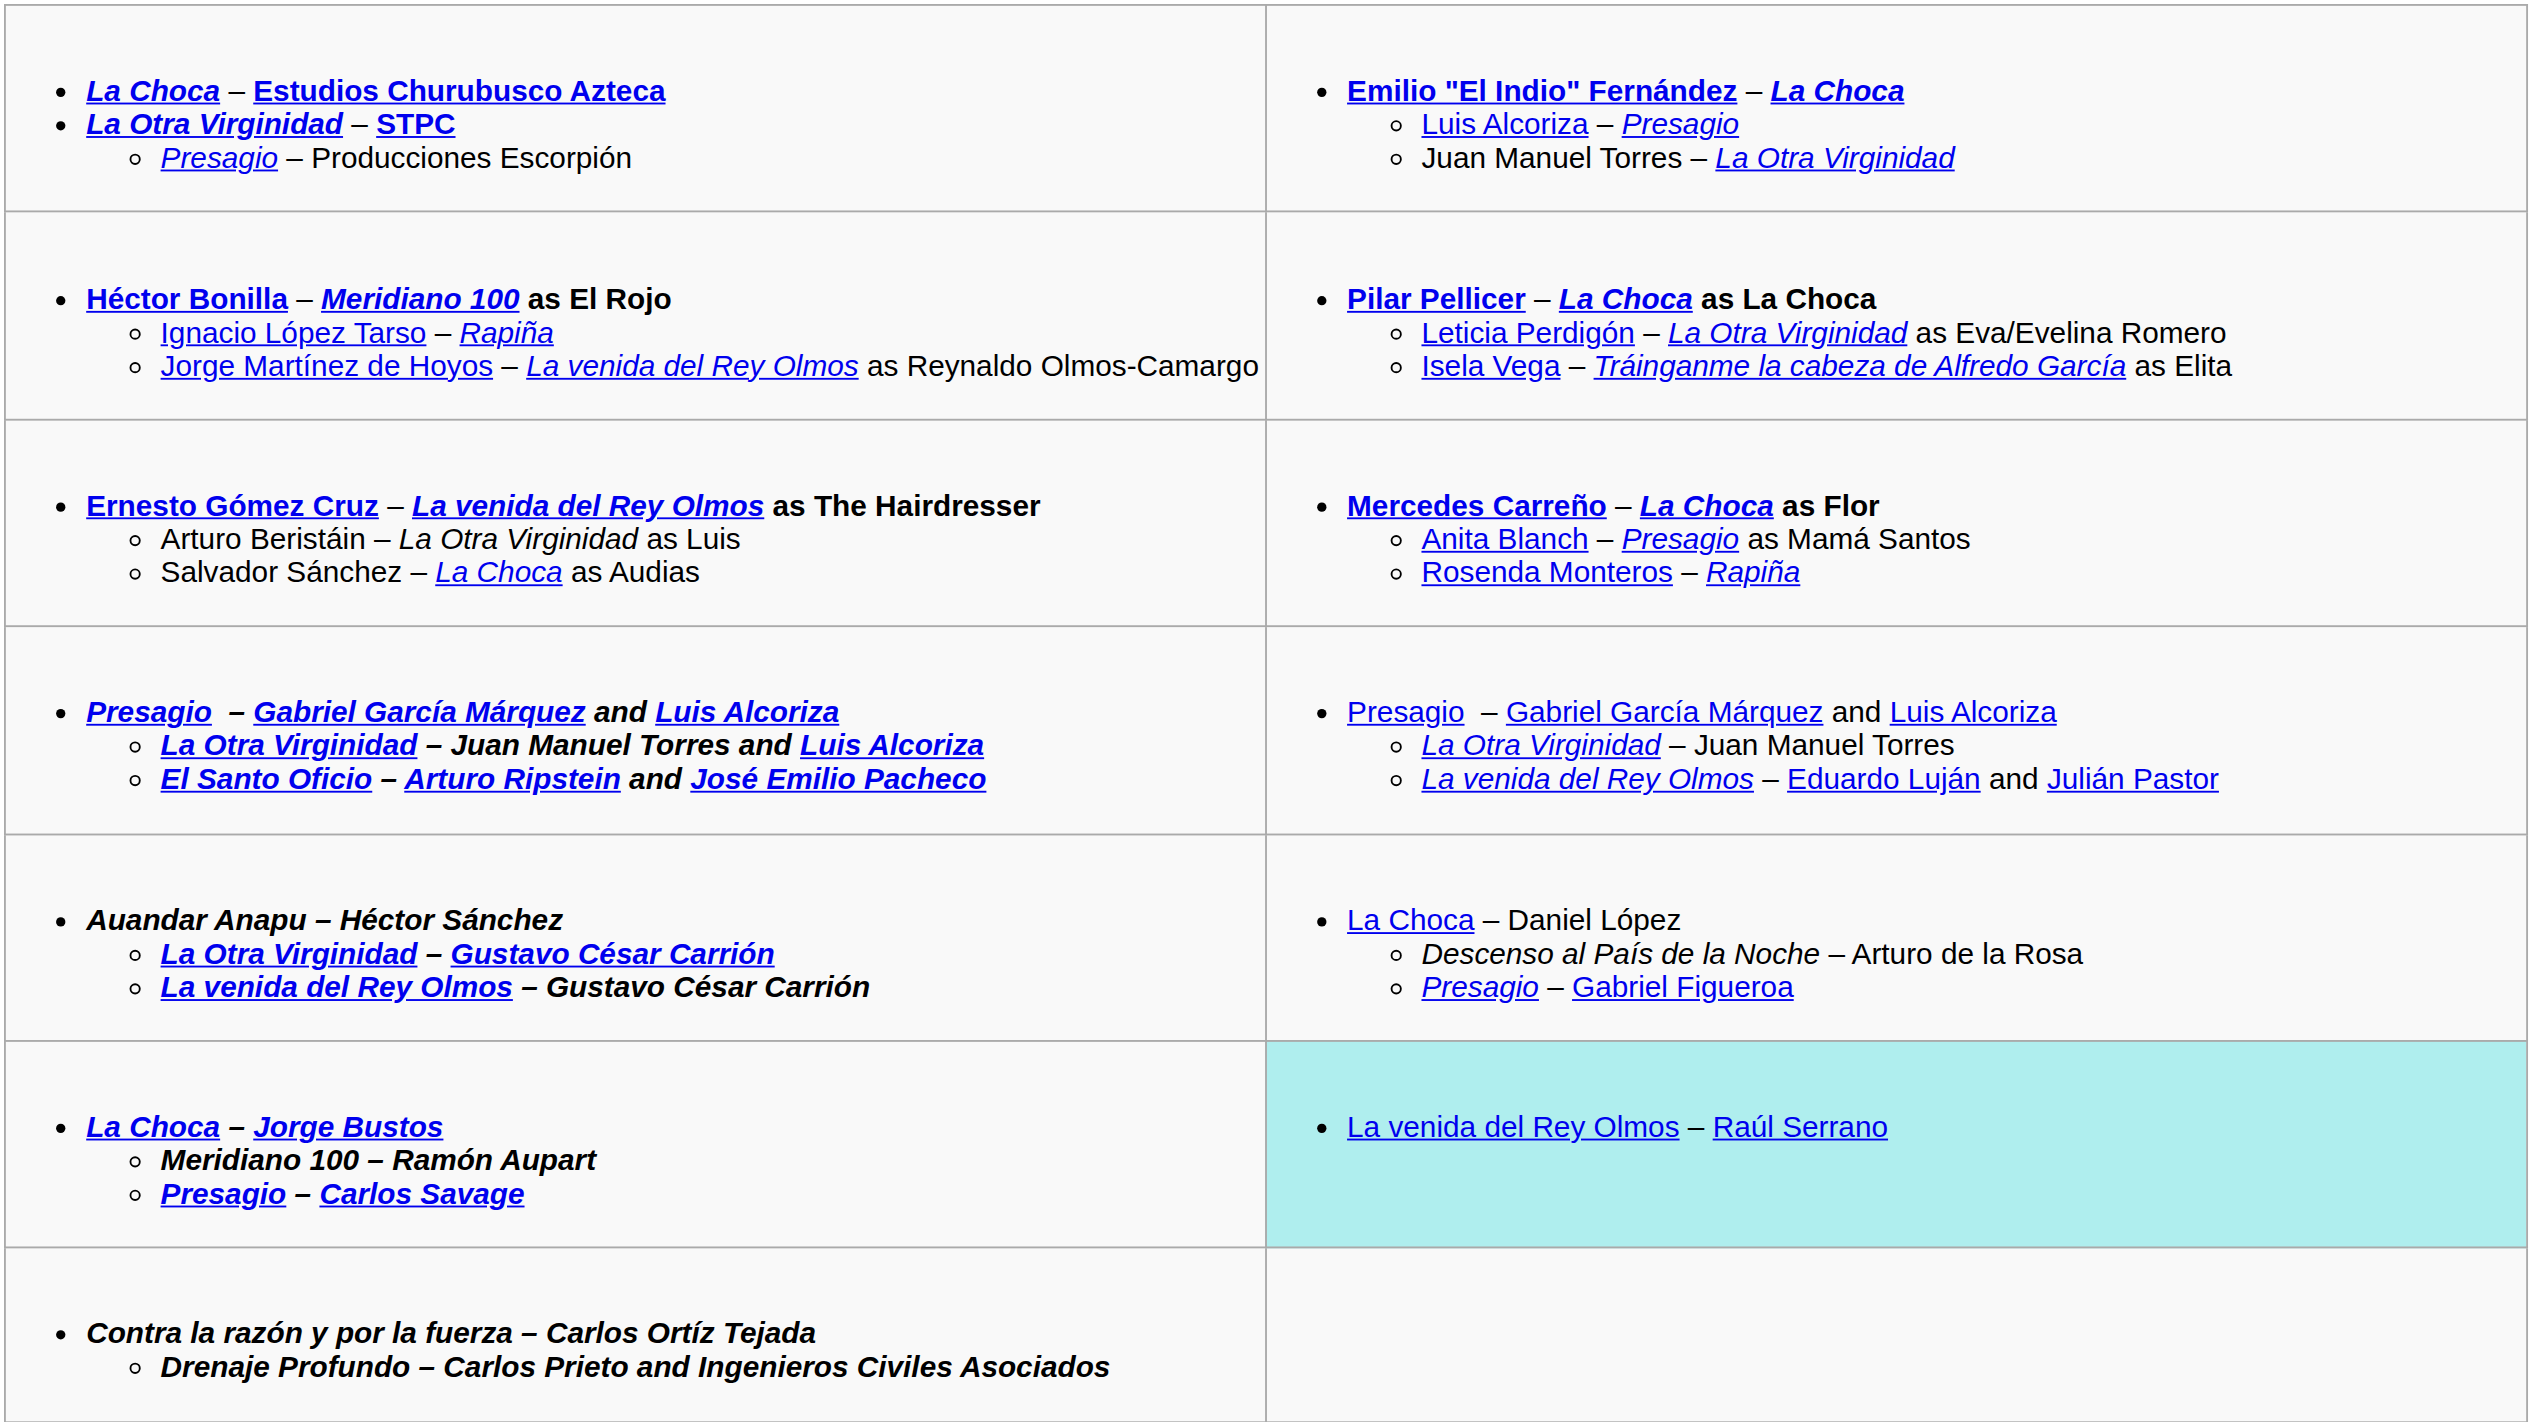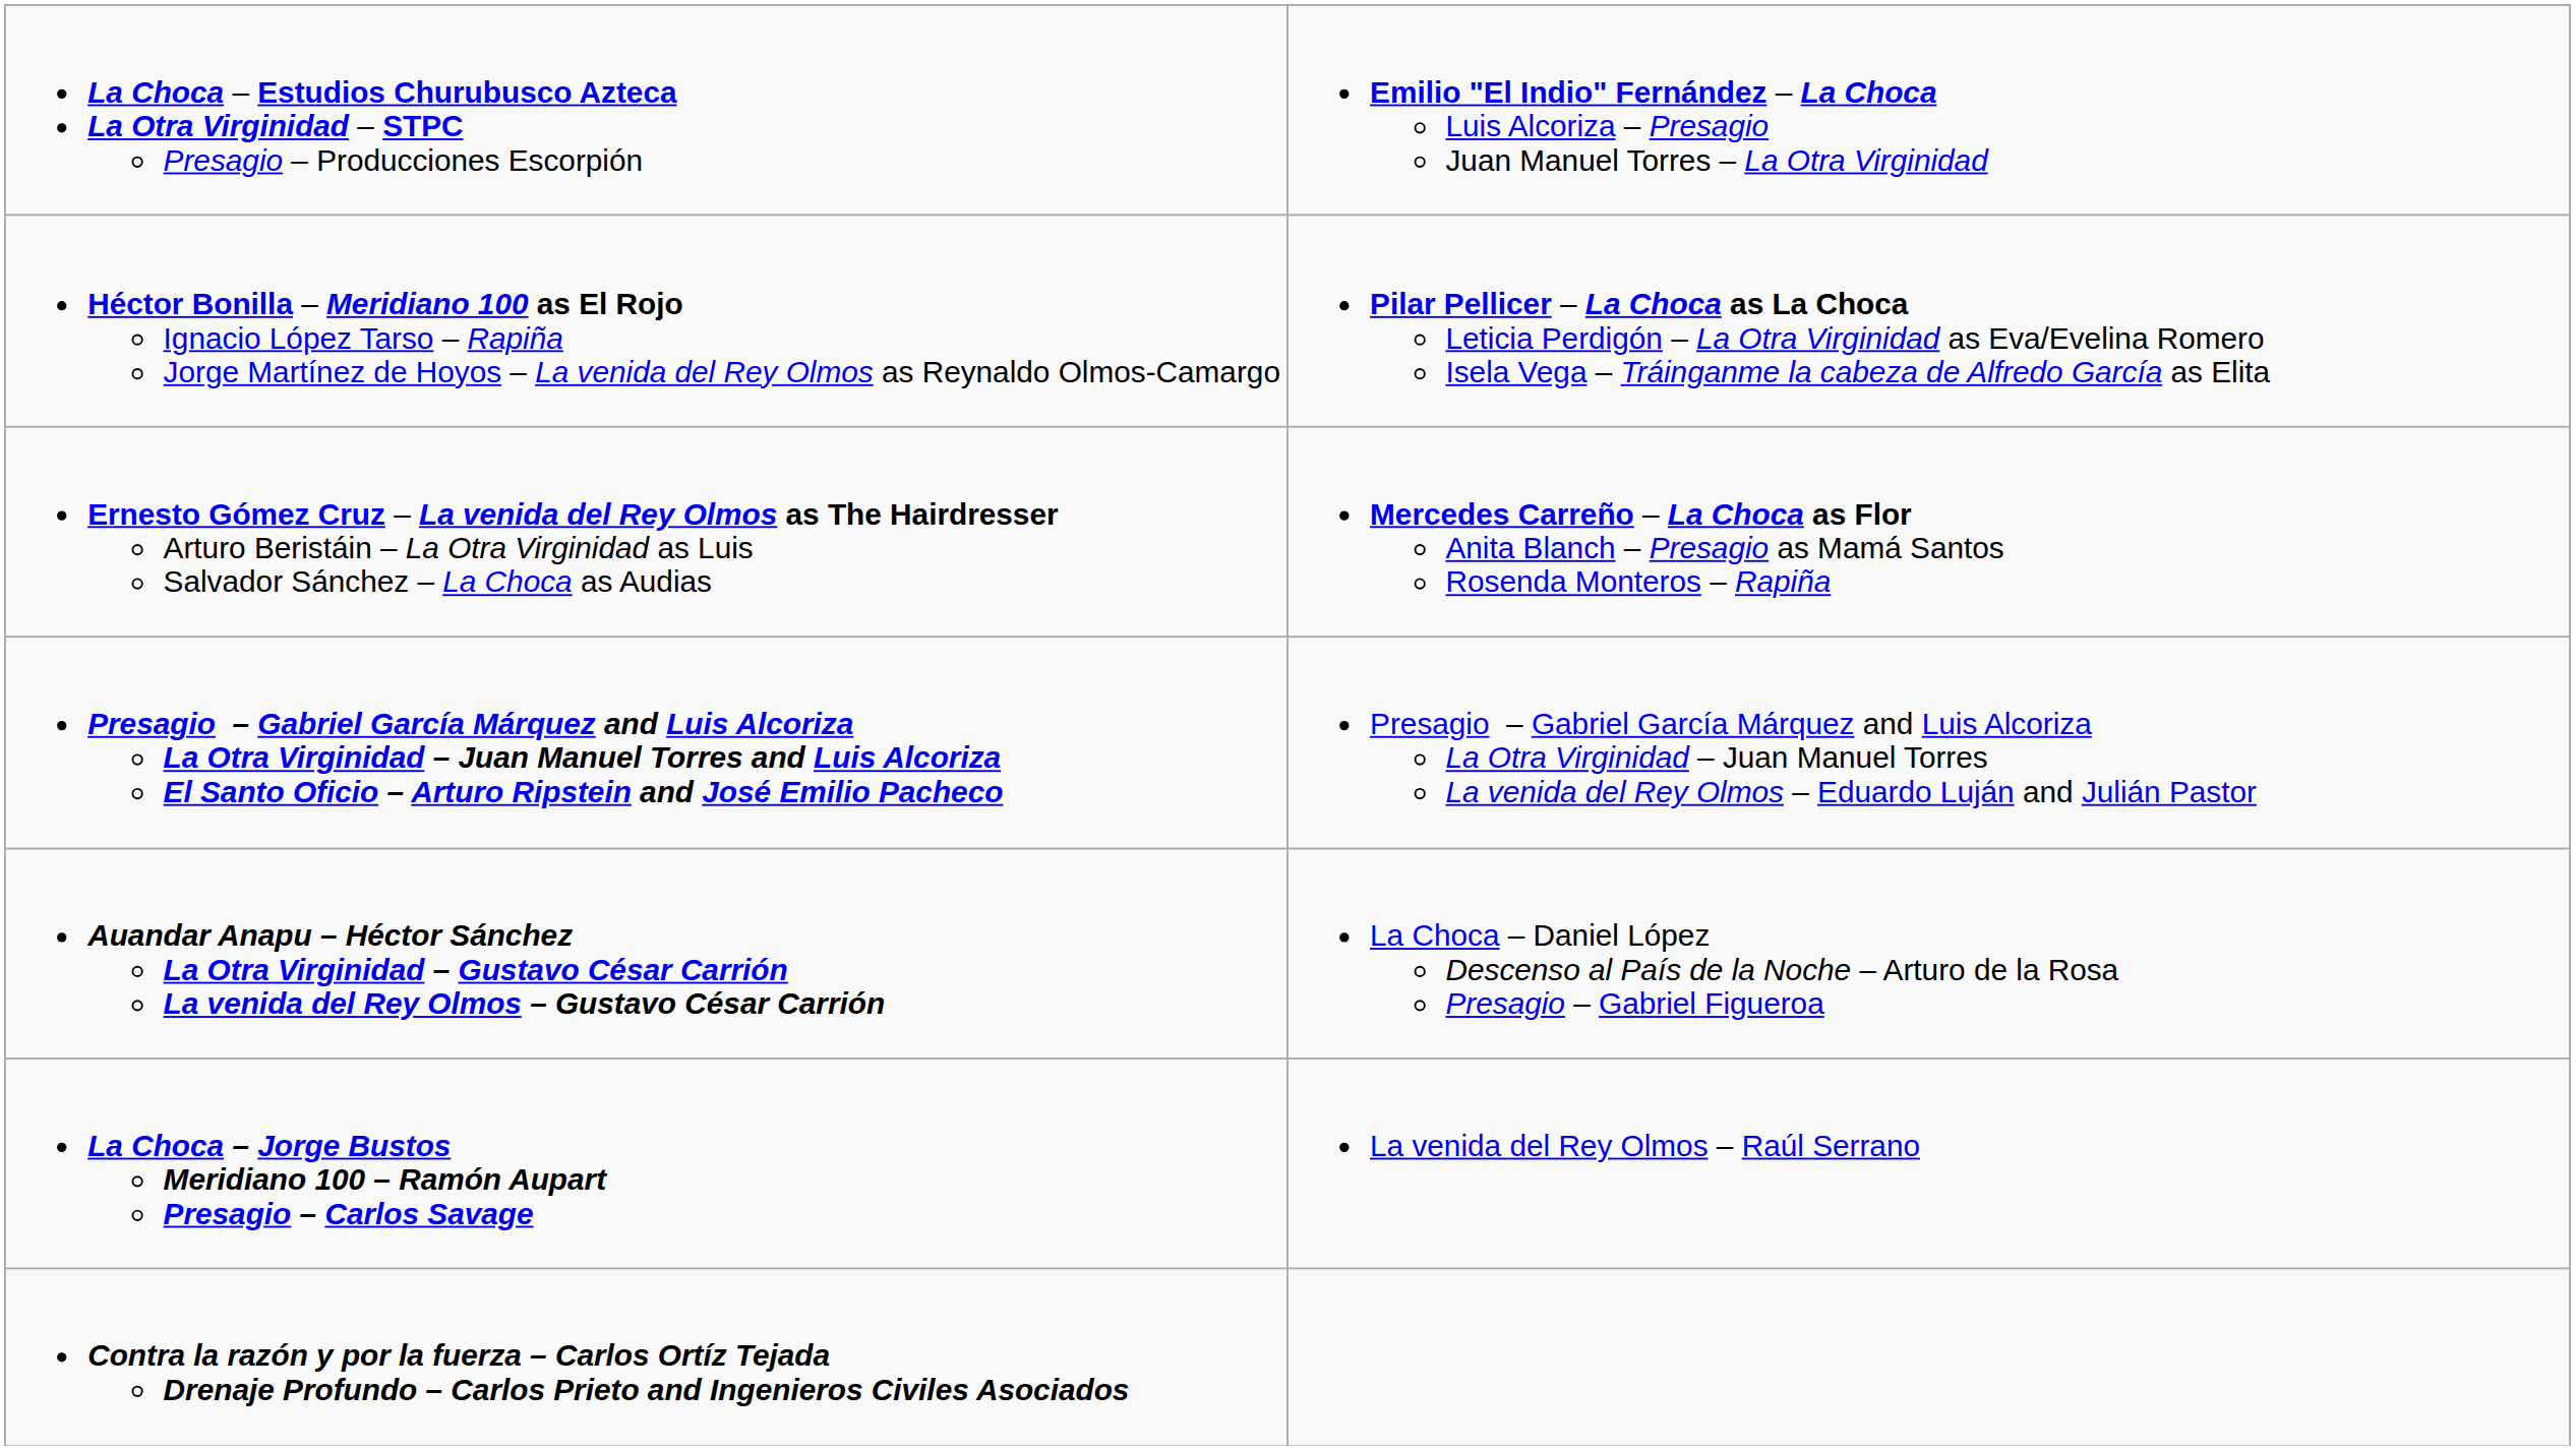 <table class=wikitable>
 <tr>
 <td style="vertical-align:top; width:50%;"><br><ul><li><strong><em><a href='#'>La Choca</a></em></strong> – <strong><a href='#'>Estudios Churubusco Azteca</a></strong></li><li><strong><em><a href='#'>La Otra Virginidad</a></em></strong> – <strong><a href='#'>STPC</a></strong><ul><li><em><a href='#'>Presagio</a></em> – Producciones Escorpión</li></ul></li></ul></td>
 <td style="vertical-align:top; width:50%;"><br><ul><li><strong><a href='#'>Emilio "El Indio" Fernández</a></strong> – <strong><em><a href='#'>La Choca</a></em></strong><ul><li><a href='#'>Luis Alcoriza</a> – <em><a href='#'>Presagio</a></em></li><li>Juan Manuel Torres – <em><a href='#'>La Otra Virginidad</a></em></li></ul></li></ul></td>
 </tr>
 <tr>
 <td style="vertical-align:top; width:50%;"><br><ul><li><strong><a href='#'>Héctor Bonilla</a></strong> – <strong><em><a href='#'>Meridiano 100</a></em></strong> <strong>as El Rojo</strong><ul><li><a href='#'>Ignacio López Tarso</a> – <em><a href='#'>Rapiña</a></em></li><li><a href='#'>Jorge Martínez de Hoyos</a> – <em><a href='#'>La venida del Rey Olmos</a></em> as Reynaldo Olmos-Camargo</li></ul></li></ul></td>
 <td style="vertical-align:top; width:50%;"><br><ul><li><strong><a href='#'>Pilar Pellicer</a></strong> – <strong><em><a href='#'>La Choca</a></em></strong> <strong>as La Choca</strong><ul><li><a href='#'>Leticia Perdigón</a> – <em><a href='#'>La Otra Virginidad</a></em> as Eva/Evelina Romero</li><li><a href='#'>Isela Vega</a> – <em><a href='#'>Tráinganme la cabeza de Alfredo García</a></em> as Elita</li></ul></li></ul></td>
 </tr>
 <tr>
 <td style="vertical-align:top; width:50%;"><br><ul><li><strong><a href='#'>Ernesto Gómez Cruz</a></strong> – <strong><em><a href='#'>La venida del Rey Olmos</a></em></strong> <strong>as The Hairdresser</strong><ul><li>Arturo Beristáin – <em>La Otra Virginidad</em> as Luis</li><li>Salvador Sánchez – <em><a href='#'>La Choca</a></em> as Audias</li></ul></li></ul></td>
 <td style="vertical-align:top; width:50%;"><br><ul><li><strong><a href='#'>Mercedes Carreño</a></strong> – <strong><em><a href='#'>La Choca</a></em></strong> <strong>as Flor</strong><ul><li><a href='#'>Anita Blanch</a> – <em><a href='#'>Presagio</a></em> as Mamá Santos</li><li><a href='#'>Rosenda Monteros</a> – <em><a href='#'>Rapiña</a></em></li></ul></li></ul></td>
 </tr>
 <tr>
 <td style="vertical-align:top; width:50%;"><br><ul><li><strong><em><a href='#'>Presagio</a><em>  – <a href='#'>Gabriel García Márquez</a> and <a href='#'>Luis Alcoriza</a><strong><ul><li></em><a href='#'>La Otra Virginidad</a><em> – Juan Manuel Torres and <a href='#'>Luis Alcoriza</a></li><li></em><a href='#'>El Santo Oficio</a><em> – <a href='#'>Arturo Ripstein</a> and <a href='#'>José Emilio Pacheco</a></li></ul></li></ul></td>
 <td style="vertical-align:top; width:50%;"><br><ul><li></em></strong><a href='#'>Presagio</a></em>  – <a href='#'>Gabriel García Márquez</a> and <a href='#'>Luis Alcoriza</a></strong><ul><li><em><a href='#'>La Otra Virginidad</a></em> – Juan Manuel Torres</li><li><em><a href='#'>La venida del Rey Olmos</a></em> – <a href='#'>Eduardo Luján</a> and <a href='#'>Julián Pastor</a></li></ul></li></ul></td>
 </tr>
 <tr>
 <td valign="top"><br><ul><li><strong><em>Auandar Anapu<em> – Héctor Sánchez<strong><ul><li></em><a href='#'>La Otra Virginidad</a><em> – <a href='#'>Gustavo César Carrión</a></li><li></em><a href='#'>La venida del Rey Olmos</a><em> – Gustavo César Carrión</li></ul></li></ul></td>
 <td valign="top"><br><ul><li></em></strong><a href='#'>La Choca</a></em> – Daniel López</strong><ul><li><em>Descenso al País de la Noche</em> – Arturo de la Rosa</li><li><em><a href='#'>Presagio</a></em> – <a href='#'>Gabriel Figueroa</a></li></ul></li></ul></td>
 </tr>
 <tr>
 <td valign="top"><br><ul><li><strong><em><a href='#'>La Choca</a><em> – <a href='#'>Jorge Bustos</a><strong><ul><li></em>Meridiano 100<em> – Ramón Aupart</li><li></em><a href='#'>Presagio</a><em> – <a href='#'>Carlos Savage</a></li></ul></li></ul></td>
-<td valign="top" style="background: paleturquoise;"><br><ul><li></em></strong><a href='#'>La venida del Rey Olmos</a></em> – <a href='#'>Raúl Serrano</a></strong></li></ul></td>
+<td valign="top"><br><ul><li></em></strong><a href='#'>La venida del Rey Olmos</a></em> – <a href='#'>Raúl Serrano</a></strong></li></ul></td>
 </tr>
 <tr>
 <td valign="top"><br><ul><li><strong><em>Contra la razón y por la fuerza<em> – Carlos Ortíz Tejada<strong><ul><li></em>Drenaje Profundo<em> – Carlos Prieto and Ingenieros Civiles Asociados</li></ul></li></ul></td>
 </tr>
 </table>
